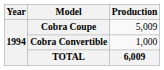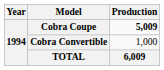 <table class=wikitable>
 <tr>
 <th>Year</th>
 <th>Model</th>
 <th>Production</th>
 </tr>
 <tr>
 <th rowspan=3>1994</th>
 <th align=right>Cobra Coupe</th>
-<td align=right>5,009</td>
+<td align=right><strong>5,009</strong></td>
 </tr>
 <tr>
 <th align=right>Cobra Convertible</th>
 <td align=right>1,000</td>
 </tr>
 <tr>
 <th align=right>TOTAL</th>
 <th align=right>6,009</th>
 </tr>
 </table>
